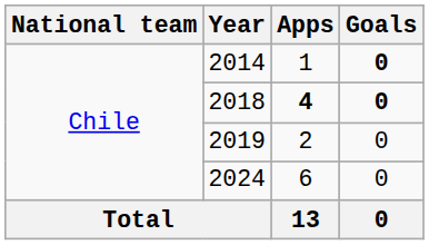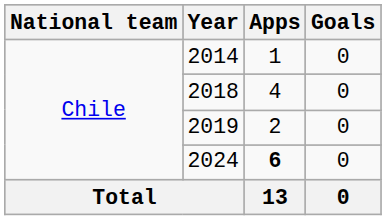 <table class=wikitable style=text-align:center>
 <tr>
 <th>National team</th>
 <th>Year</th>
 <th>Apps</th>
 <th>Goals</th>
 </tr>
 <tr>
 <td rowspan="4"><a href='#'>Chile</a></td>
 <td>2014</td>
 <td>1</td>
-<td><strong>0</strong></td>
+<td>0</td>
 </tr>
 <tr>
 <td>2018</td>
-<td><strong>4</strong></td>
-<td><strong>0</strong></td>
+<td>4</td>
+<td>0</td>
 </tr>
 <tr>
 <td>2019</td>
 <td>2</td>
 <td>0</td>
 </tr>
 <tr>
 <td>2024</td>
-<td>6</td>
+<td><strong>6</strong></td>
 <td>0</td>
 </tr>
 <tr>
 <th colspan="2">Total</th>
 <th>13</th>
 <th>0</th>
 </tr>
 </table>
